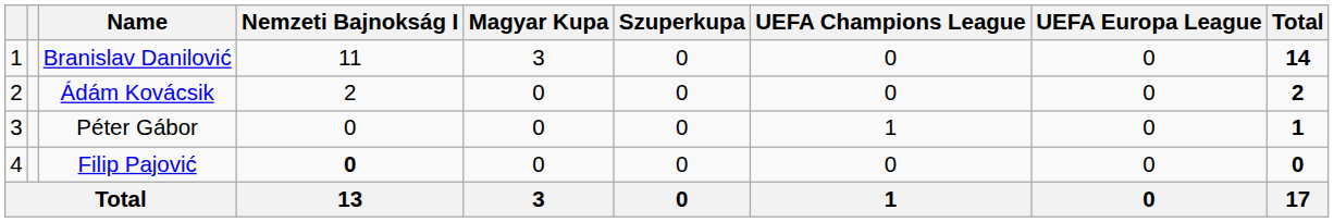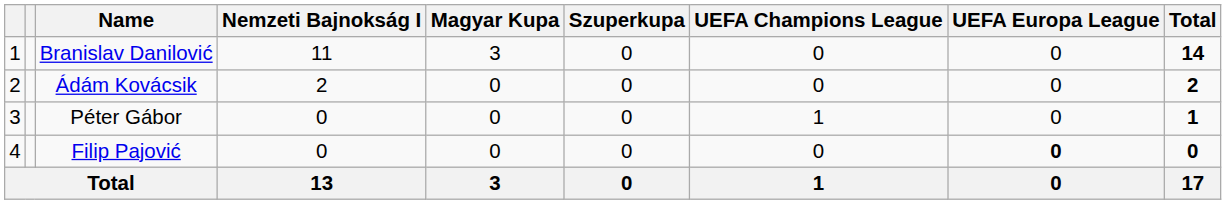 <table class="wikitable" style="text-align:center;">
 <tr>
 <th></th>
 <th></th>
 <th>Name</th>
 <th>Nemzeti Bajnokság I</th>
 <th>Magyar Kupa</th>
 <th>Szuperkupa</th>
 <th>UEFA Champions League</th>
 <th>UEFA Europa League</th>
 <th>Total</th>
 </tr>
 <tr>
 <td>1</td>
 <td align="left"></td>
 <td><a href='#'>Branislav Danilović</a></td>
 <td>11</td>
 <td>3</td>
 <td>0</td>
 <td>0</td>
 <td>0</td>
 <td><strong>14</strong></td>
 </tr>
 <tr>
 <td>2</td>
 <td></td>
 <td><a href='#'>Ádám Kovácsik</a></td>
 <td>2</td>
 <td>0</td>
 <td>0</td>
 <td>0</td>
 <td>0</td>
 <td><strong>2</strong></td>
 </tr>
 <tr>
 <td>3</td>
 <td></td>
 <td>Péter Gábor</td>
 <td>0</td>
 <td>0</td>
 <td>0</td>
 <td>1</td>
 <td>0</td>
 <td><strong>1</strong></td>
 </tr>
 <tr>
 <td>4</td>
 <td></td>
 <td><a href='#'>Filip Pajović</a></td>
-<td><strong>0</strong></td>
 <td>0</td>
 <td>0</td>
 <td>0</td>
 <td>0</td>
+<td><strong>0</strong></td>
 <td><strong>0</strong></td>
 </tr>
 <tr>
 <th colspan="3">Total</th>
 <th>13</th>
 <th>3</th>
 <th>0</th>
 <th>1</th>
 <th>0</th>
 <th>17</th>
 </tr>
 </table>
